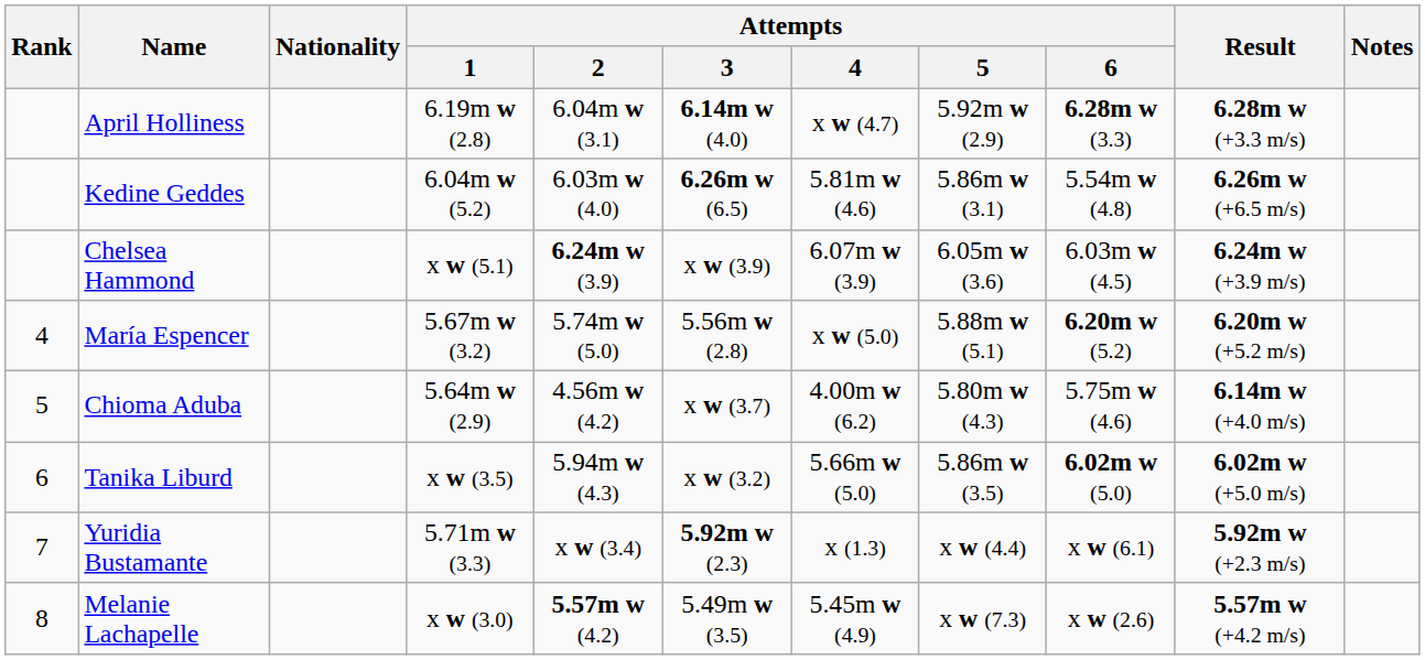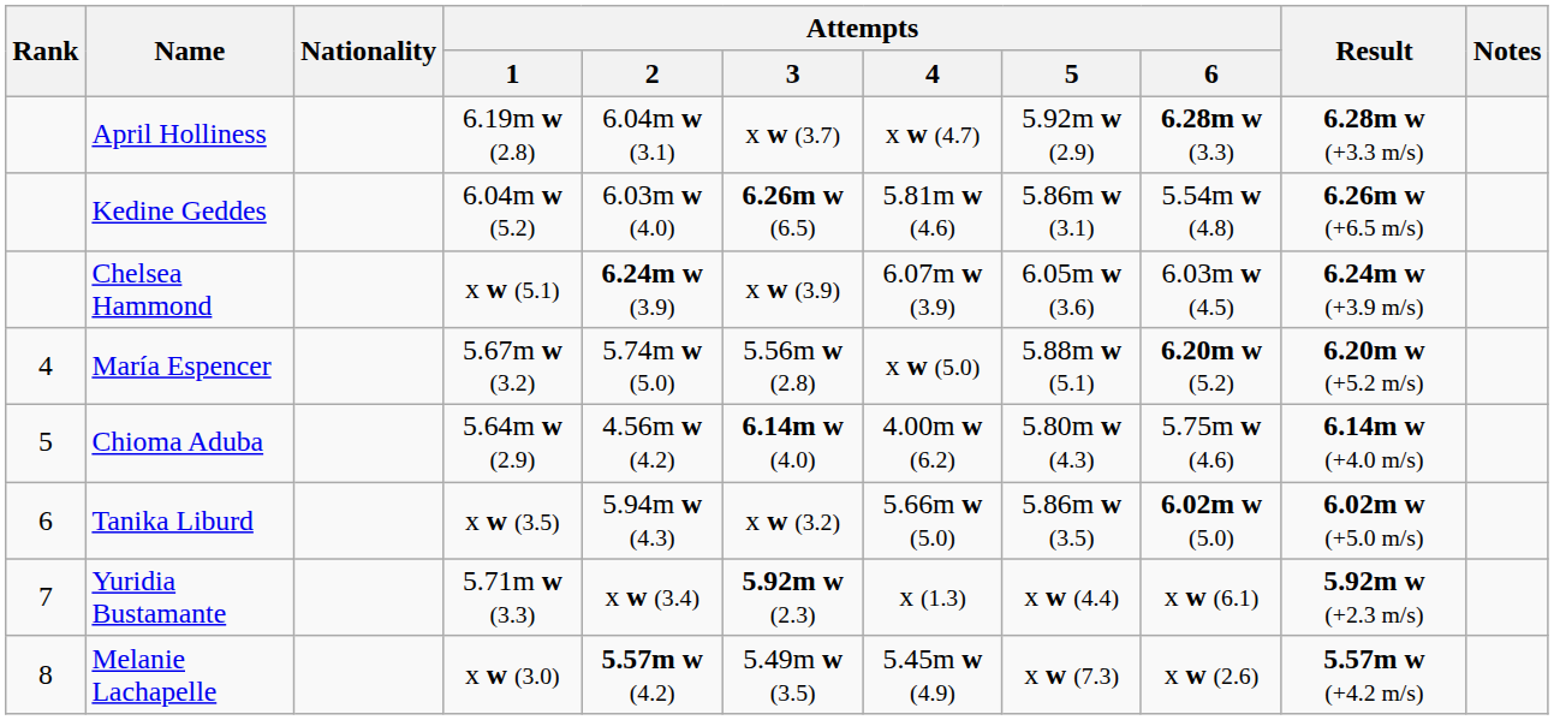 <table class="wikitable sortable" style="text-align:center">
 <tr>
 <th rowspan=2>Rank</th>
 <th rowspan=2>Name</th>
 <th rowspan=2>Nationality</th>
 <th colspan=6>Attempts</th>
 <th rowspan=2>Result</th>
 <th rowspan=2>Notes</th>
 </tr>
 <tr>
 <th>1</th>
 <th>2</th>
 <th>3</th>
 <th>4</th>
 <th>5</th>
 <th>6</th>
 </tr>
 <tr>
 <td align=center></td>
 <td align=left><a href='#'>April Holliness</a></td>
 <td align=left></td>
 <td>6.19m <strong>w</strong> <small>(2.8)</small></td>
 <td>6.04m <strong>w</strong> <small>(3.1)</small></td>
-<td><strong>6.14m</strong> <strong>w</strong> <small>(4.0)</small></td>
+<td>x <strong>w</strong> <small>(3.7)</small></td>
 <td>x <strong>w</strong> <small>(4.7)</small></td>
 <td>5.92m <strong>w</strong> <small>(2.9)</small></td>
 <td><strong>6.28m</strong> <strong>w</strong> <small>(3.3)</small></td>
 <td><strong>6.28m</strong> <strong>w</strong> <small>(+3.3 m/s)</small></td>
 <td></td>
 </tr>
 <tr>
 <td align=center></td>
 <td align=left><a href='#'>Kedine Geddes</a></td>
 <td align=left></td>
 <td>6.04m <strong>w</strong> <small>(5.2)</small></td>
 <td>6.03m <strong>w</strong> <small>(4.0)</small></td>
 <td><strong>6.26m</strong> <strong>w</strong> <small>(6.5)</small></td>
 <td>5.81m <strong>w</strong> <small>(4.6)</small></td>
 <td>5.86m <strong>w</strong> <small>(3.1)</small></td>
 <td>5.54m <strong>w</strong> <small>(4.8)</small></td>
 <td><strong>6.26m</strong> <strong>w</strong> <small>(+6.5 m/s)</small></td>
 <td></td>
 </tr>
 <tr>
 <td align=center></td>
 <td align=left><a href='#'>Chelsea Hammond</a></td>
 <td align=left></td>
 <td>x <strong>w</strong> <small>(5.1)</small></td>
 <td><strong>6.24m</strong> <strong>w</strong> <small>(3.9)</small></td>
 <td>x <strong>w</strong> <small>(3.9)</small></td>
 <td>6.07m <strong>w</strong> <small>(3.9)</small></td>
 <td>6.05m <strong>w</strong> <small>(3.6)</small></td>
 <td>6.03m <strong>w</strong> <small>(4.5)</small></td>
 <td><strong>6.24m</strong> <strong>w</strong> <small>(+3.9 m/s)</small></td>
 <td></td>
 </tr>
 <tr>
 <td align=center>4</td>
 <td align=left><a href='#'>María Espencer</a></td>
 <td align=left></td>
 <td>5.67m <strong>w</strong> <small>(3.2)</small></td>
 <td>5.74m <strong>w</strong> <small>(5.0)</small></td>
 <td>5.56m <strong>w</strong> <small>(2.8)</small></td>
 <td>x <strong>w</strong> <small>(5.0)</small></td>
 <td>5.88m <strong>w</strong> <small>(5.1)</small></td>
 <td><strong>6.20m</strong> <strong>w</strong> <small>(5.2)</small></td>
 <td><strong>6.20m</strong> <strong>w</strong> <small>(+5.2 m/s)</small></td>
 <td></td>
 </tr>
 <tr>
 <td align=center>5</td>
 <td align=left><a href='#'>Chioma Aduba</a></td>
 <td align=left></td>
 <td>5.64m <strong>w</strong> <small>(2.9)</small></td>
 <td>4.56m <strong>w</strong> <small>(4.2)</small></td>
-<td>x <strong>w</strong> <small>(3.7)</small></td>
+<td><strong>6.14m</strong> <strong>w</strong> <small>(4.0)</small></td>
 <td>4.00m <strong>w</strong> <small>(6.2)</small></td>
 <td>5.80m <strong>w</strong> <small>(4.3)</small></td>
 <td>5.75m <strong>w</strong> <small>(4.6)</small></td>
 <td><strong>6.14m</strong> <strong>w</strong> <small>(+4.0 m/s)</small></td>
 <td></td>
 </tr>
 <tr>
 <td align=center>6</td>
 <td align=left><a href='#'>Tanika Liburd</a></td>
 <td align=left></td>
 <td>x <strong>w</strong> <small>(3.5)</small></td>
 <td>5.94m <strong>w</strong> <small>(4.3)</small></td>
 <td>x <strong>w</strong> <small>(3.2)</small></td>
 <td>5.66m <strong>w</strong> <small>(5.0)</small></td>
 <td>5.86m <strong>w</strong> <small>(3.5)</small></td>
 <td><strong>6.02m</strong> <strong>w</strong> <small>(5.0)</small></td>
 <td><strong>6.02m</strong> <strong>w</strong> <small>(+5.0 m/s)</small></td>
 <td></td>
 </tr>
 <tr>
 <td align=center>7</td>
 <td align=left><a href='#'>Yuridia Bustamante</a></td>
 <td align=left></td>
 <td>5.71m <strong>w</strong> <small>(3.3)</small></td>
 <td>x <strong>w</strong> <small>(3.4)</small></td>
 <td><strong>5.92m</strong> <strong>w</strong> <small>(2.3)</small></td>
 <td>x <small>(1.3)</small></td>
 <td>x <strong>w</strong> <small>(4.4)</small></td>
 <td>x <strong>w</strong> <small>(6.1)</small></td>
 <td><strong>5.92m</strong> <strong>w</strong> <small>(+2.3 m/s)</small></td>
 <td></td>
 </tr>
 <tr>
 <td align=center>8</td>
 <td align=left><a href='#'>Melanie Lachapelle</a></td>
 <td align=left></td>
 <td>x <strong>w</strong> <small>(3.0)</small></td>
 <td><strong>5.57m</strong> <strong>w</strong> <small>(4.2)</small></td>
 <td>5.49m <strong>w</strong> <small>(3.5)</small></td>
 <td>5.45m <strong>w</strong> <small>(4.9)</small></td>
 <td>x <strong>w</strong> <small>(7.3)</small></td>
 <td>x <strong>w</strong> <small>(2.6)</small></td>
 <td><strong>5.57m</strong> <strong>w</strong> <small>(+4.2 m/s)</small></td>
 <td></td>
 </tr>
 </table>
